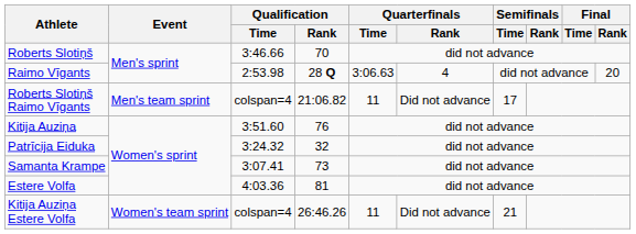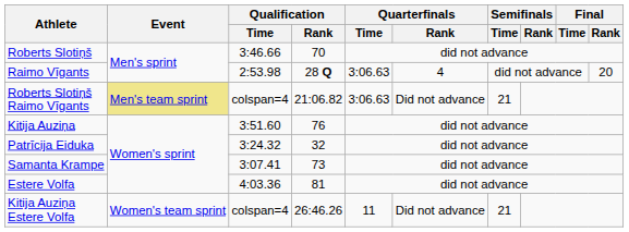 <table class=wikitable style="text-align:center; font-size:90%">
 <tr>
 <th rowspan=2>Athlete</th>
 <th rowspan=2>Event</th>
 <th colspan=2>Qualification</th>
 <th colspan=2>Quarterfinals</th>
 <th colspan=2>Semifinals</th>
 <th colspan=2>Final</th>
 </tr>
 <tr style="font-size:95%">
 <th>Time</th>
 <th>Rank</th>
 <th>Time</th>
 <th>Rank</th>
 <th>Time</th>
 <th>Rank</th>
 <th>Time</th>
 <th>Rank</th>
 </tr>
 <tr>
 <td align=left><a href='#'>Roberts Slotiņš</a></td>
 <td align=left rowspan=2><a href='#'>Men's sprint</a></td>
 <td>3:46.66</td>
 <td>70</td>
 <td colspan=6>did not advance</td>
 </tr>
 <tr>
 <td align=left><a href='#'>Raimo Vīgants</a></td>
 <td>2:53.98</td>
 <td>28 <strong>Q</strong></td>
 <td>3:06.63</td>
 <td>4</td>
 <td colspan=3>did not advance</td>
 <td>20</td>
 </tr>
 <tr>
 <td align=left><a href='#'>Roberts Slotiņš</a><br><a href='#'>Raimo Vīgants</a></td>
-<td align=left><a href='#'>Men's team sprint</a></td>
+<td align=left style="background: khaki;"><a href='#'>Men's team sprint</a></td>
 <td>colspan=4 </td>
 <td>21:06.82</td>
-<td>11</td>
+<td>3:06.63</td>
 <td>Did not advance</td>
-<td>17</td>
+<td>21</td>
 </tr>
 <tr>
 <td align=left><a href='#'>Kitija Auziņa</a></td>
 <td align=left rowspan=4><a href='#'>Women's sprint</a></td>
 <td>3:51.60</td>
 <td>76</td>
 <td colspan=6>did not advance</td>
 </tr>
 <tr>
 <td align=left><a href='#'>Patrīcija Eiduka</a></td>
 <td>3:24.32</td>
 <td>32</td>
 <td colspan=6>did not advance</td>
 </tr>
 <tr>
 <td align=left><a href='#'>Samanta Krampe</a></td>
 <td>3:07.41</td>
 <td>73</td>
 <td colspan=6>did not advance</td>
 </tr>
 <tr>
 <td align=left><a href='#'>Estere Volfa</a></td>
 <td>4:03.36</td>
 <td>81</td>
 <td colspan=6>did not advance</td>
 </tr>
 <tr>
 <td align=left><a href='#'>Kitija Auziņa</a><br><a href='#'>Estere Volfa</a></td>
 <td align=left><a href='#'>Women's team sprint</a></td>
 <td>colspan=4 </td>
 <td>26:46.26</td>
 <td>11</td>
 <td>Did not advance</td>
 <td>21</td>
 </tr>
 </table>
